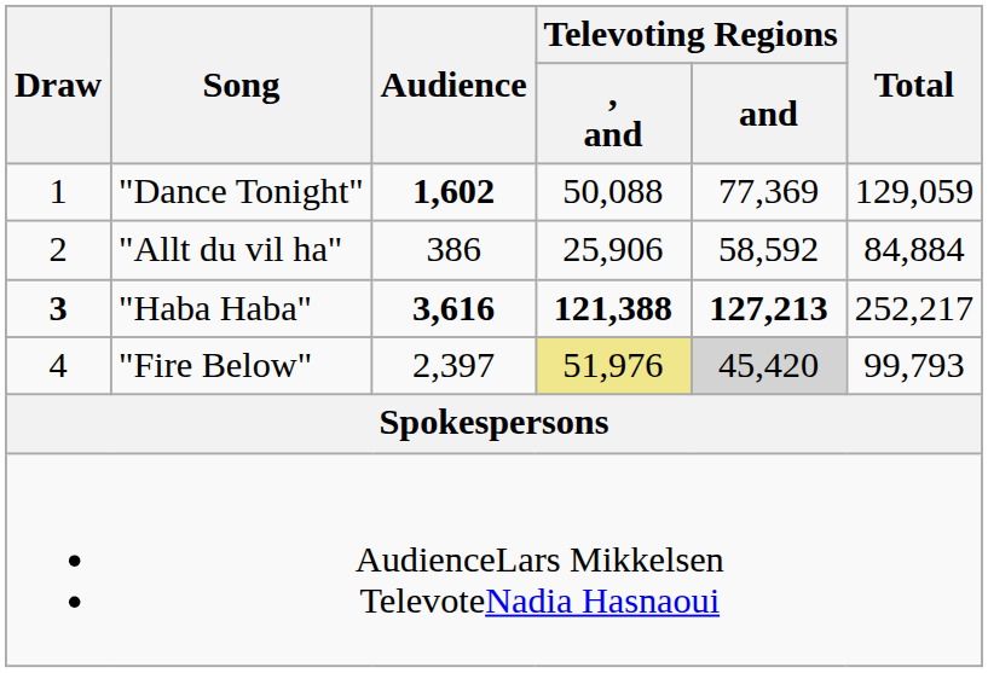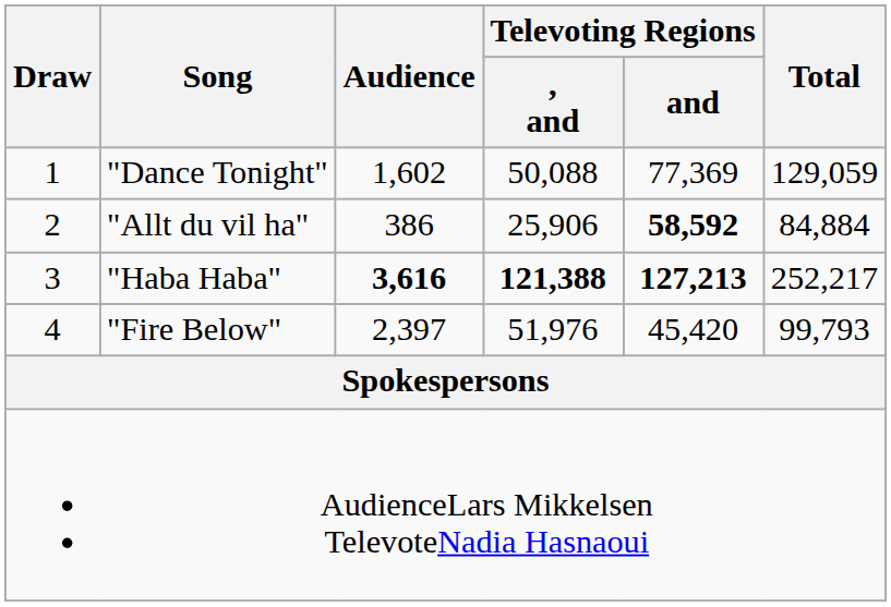 <table class="wikitable collapsible" style="margin: 1em auto 1em auto; text-align:center;">
 <tr>
 <th rowspan="2">Draw</th>
 <th rowspan="2">Song</th>
 <th rowspan="2">Audience</th>
 <th colspan="2">Televoting Regions</th>
 <th rowspan="2">Total</th>
 </tr>
 <tr>
 <th><abbr></abbr>, <abbr></abbr><br>and <abbr></abbr></th>
 <th><abbr> and</abbr><br><abbr></abbr></th>
 </tr>
 <tr>
 <td>1</td>
 <td style="text-align:left;">"Dance Tonight"</td>
-<td><strong>1,602</strong></td>
+<td>1,602</td>
 <td>50,088</td>
 <td>77,369</td>
 <td>129,059</td>
 </tr>
 <tr>
 <td>2</td>
 <td style="text-align:left;">"Allt du vil ha"</td>
 <td>386</td>
 <td>25,906</td>
-<td>58,592</td>
+<td><strong>58,592</strong></td>
 <td>84,884</td>
 </tr>
 <tr>
-<td><strong>3</strong></td>
+<td>3</td>
 <td style="text-align:left;">"Haba Haba"</td>
 <td><strong>3,616</strong></td>
 <td><strong>121,388</strong></td>
 <td><strong>127,213</strong></td>
 <td>252,217</td>
 </tr>
 <tr>
 <td>4</td>
 <td style="text-align:left;">"Fire Below"</td>
 <td>2,397</td>
-<td style="background: khaki;">51,976</td>
-<td style="background: lightgrey;">45,420</td>
+<td>51,976</td>
+<td>45,420</td>
 <td>99,793</td>
 </tr>
 <tr>
 <th colspan="6">Spokespersons</th>
 </tr>
 <tr>
 <td colspan="6"><br><ul><li>AudienceLars Mikkelsen</li><li>Televote<a href='#'>Nadia Hasnaoui</a></li></ul></td>
 </tr>
 </table>
